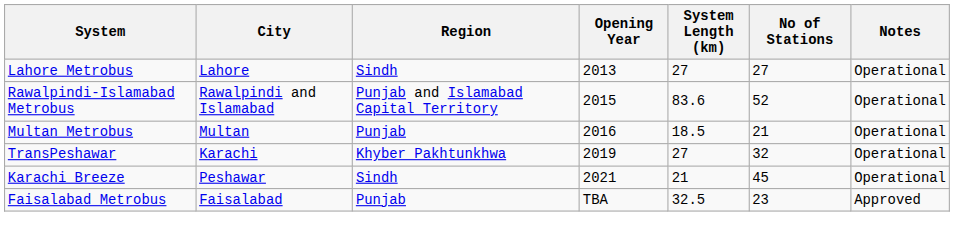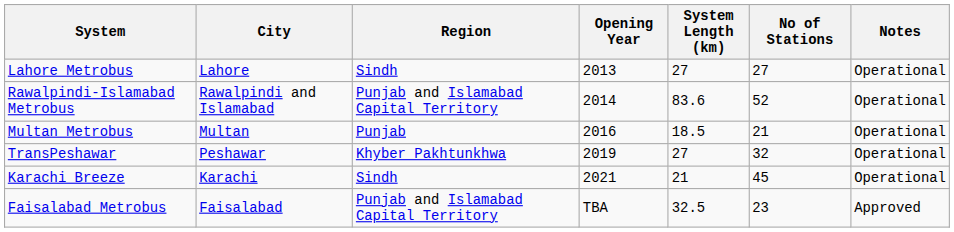 <table class="wikitable sortable" style="width:100%">
 <tr>
 <th>System</th>
 <th>City</th>
 <th>Region</th>
 <th>Opening Year</th>
 <th>System<br>Length (km)</th>
 <th>No of Stations</th>
 <th>Notes</th>
 </tr>
 <tr>
 <td><a href='#'>Lahore Metrobus</a></td>
 <td><a href='#'>Lahore</a></td>
 <td><a href='#'>Sindh</a></td>
 <td>2013</td>
 <td>27</td>
 <td>27</td>
 <td>Operational</td>
 </tr>
 <tr>
 <td><a href='#'>Rawalpindi-Islamabad Metrobus</a></td>
 <td><a href='#'>Rawalpindi</a> and <a href='#'>Islamabad</a></td>
 <td><a href='#'>Punjab</a> and <a href='#'>Islamabad Capital Territory</a></td>
-<td>2015</td>
+<td>2014</td>
 <td>83.6</td>
 <td>52</td>
 <td>Operational</td>
 </tr>
 <tr>
 <td><a href='#'>Multan Metrobus</a></td>
 <td><a href='#'>Multan</a></td>
 <td><a href='#'>Punjab</a></td>
 <td>2016</td>
 <td>18.5</td>
 <td>21</td>
 <td>Operational</td>
 </tr>
 <tr>
 <td><a href='#'>TransPeshawar</a></td>
-<td><a href='#'>Karachi</a></td>
+<td><a href='#'>Peshawar</a></td>
 <td><a href='#'>Khyber Pakhtunkhwa</a></td>
 <td>2019</td>
 <td>27</td>
 <td>32</td>
 <td>Operational</td>
 </tr>
 <tr>
 <td><a href='#'>Karachi Breeze</a></td>
-<td><a href='#'>Peshawar</a></td>
+<td><a href='#'>Karachi</a></td>
 <td><a href='#'>Sindh</a></td>
 <td>2021</td>
 <td>21</td>
 <td>45</td>
 <td>Operational</td>
 </tr>
 <tr>
 <td><a href='#'>Faisalabad Metrobus</a></td>
 <td><a href='#'>Faisalabad</a></td>
-<td><a href='#'>Punjab</a></td>
+<td><a href='#'>Punjab</a> and <a href='#'>Islamabad Capital Territory</a></td>
 <td>TBA</td>
 <td>32.5</td>
 <td>23</td>
 <td>Approved</td>
 </tr>
 </table>
